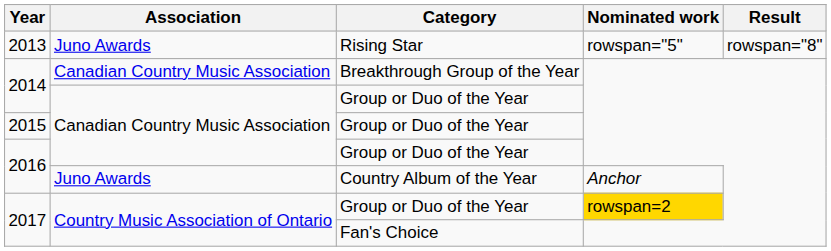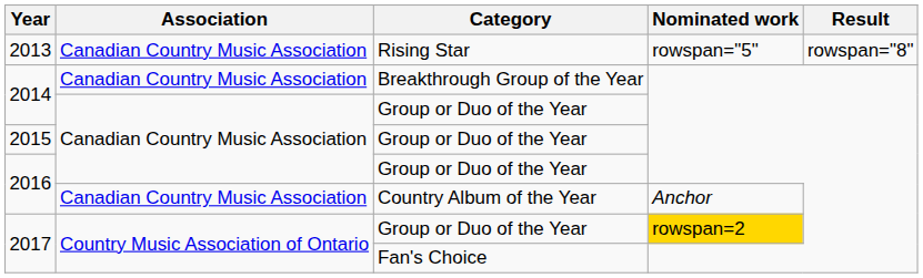 <table class="wikitable">
 <tr>
 <th>Year</th>
 <th>Association</th>
 <th>Category</th>
 <th>Nominated work</th>
 <th>Result</th>
 </tr>
 <tr>
 <td>2013</td>
-<td><a href='#'>Juno Awards</a></td>
+<td><a href='#'>Canadian Country Music Association</a></td>
 <td>Rising Star</td>
 <td>rowspan="5" </td>
 <td>rowspan="8" </td>
 </tr>
 <tr>
 <td rowspan="2">2014</td>
 <td><a href='#'>Canadian Country Music Association</a></td>
 <td>Breakthrough Group of the Year</td>
 </tr>
 <tr>
 <td rowspan="3">Canadian Country Music Association</td>
 <td>Group or Duo of the Year</td>
 </tr>
 <tr>
 <td>2015</td>
 <td>Group or Duo of the Year</td>
 </tr>
 <tr>
 <td rowspan=2>2016</td>
 <td>Group or Duo of the Year</td>
 </tr>
 <tr>
-<td><a href='#'>Juno Awards</a></td>
+<td><a href='#'>Canadian Country Music Association</a></td>
 <td>Country Album of the Year</td>
 <td><em>Anchor</em></td>
 </tr>
 <tr>
 <td rowspan=2>2017</td>
 <td rowspan=2><a href='#'>Country Music Association of Ontario</a></td>
 <td>Group or Duo of the Year</td>
 <td style="background: gold;">rowspan=2 <br></td>
 </tr>
 <tr>
 <td>Fan's Choice<br></td>
 </tr>
 </table>
